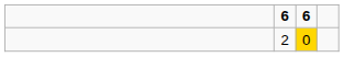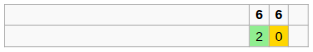 <table class="wikitable">
 <tr>
 <td style="width:18em"><strong></strong></td>
 <td align=center style="width:1em"><strong>6</strong></td>
 <td align=center style="width:1em"><strong>6</strong></td>
 <td align=center style="width:1em"></td>
 </tr>
 <tr>
 <td style="width:18em"></td>
-<td align=center style="width:1em">2</td>
+<td align=center style="background: lightgreen; width:1em">2</td>
 <td align=center style="background: gold; width:1em">0</td>
 <td align=center style="width:1em"></td>
 </tr>
 </table>
